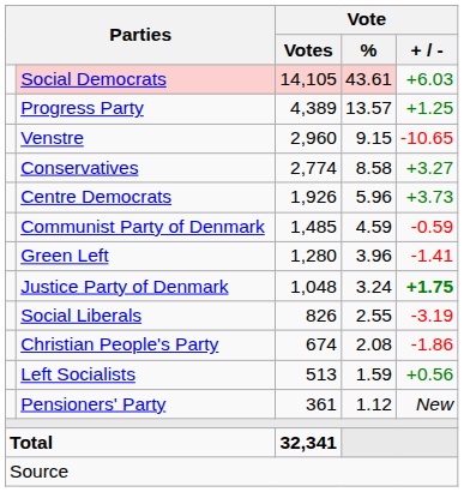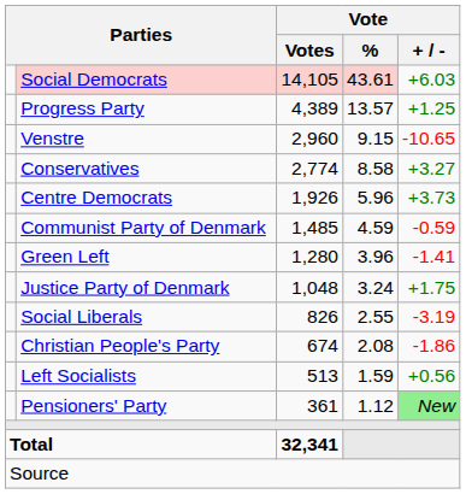 <table class="wikitable" style="text-align:right;">
 <tr>
 <th style="text-align:centre;" rowspan="2" colspan="2" width="225">Parties</th>
 <th colspan="3">Vote</th>
 </tr>
 <tr>
 <th width="15">Votes</th>
 <th width="15">%</th>
 <th width="15">+ / -</th>
 </tr>
 <tr>
 <td width="2" style="color:inherit;background:"></td>
 <td bgcolor=#fbd0ce  align="left"><a href='#'>Social Democrats</a></td>
 <td bgcolor=#fbd0ce>14,105</td>
 <td bgcolor=#fbd0ce>43.61</td>
 <td style=color:green;>+6.03</td>
 </tr>
 <tr>
 <td width="2" style="color:inherit;background:"></td>
 <td align="left"><a href='#'>Progress Party</a></td>
 <td>4,389</td>
 <td>13.57</td>
 <td style=color:green;>+1.25</td>
 </tr>
 <tr>
 <td width="2" style="color:inherit;background:"></td>
 <td align="left"><a href='#'>Venstre</a></td>
 <td>2,960</td>
 <td>9.15</td>
 <td style=color:red;>-10.65</td>
 </tr>
 <tr>
 <td width="2" style="color:inherit;background:"></td>
 <td align="left"><a href='#'>Conservatives</a></td>
 <td>2,774</td>
 <td>8.58</td>
 <td style=color:green;>+3.27</td>
 </tr>
 <tr>
 <td width="2" style="color:inherit;background:"></td>
 <td align="left"><a href='#'>Centre Democrats</a></td>
 <td>1,926</td>
 <td>5.96</td>
 <td style=color:green;>+3.73</td>
 </tr>
 <tr>
 <td width="2" style="color:inherit;background:"></td>
 <td align="left"><a href='#'>Communist Party of Denmark</a></td>
 <td>1,485</td>
 <td>4.59</td>
 <td style=color:red;>-0.59</td>
 </tr>
 <tr>
 <td width="2" style="color:inherit;background:"></td>
 <td align="left"><a href='#'>Green Left</a></td>
 <td>1,280</td>
 <td>3.96</td>
 <td style=color:red;>-1.41</td>
 </tr>
 <tr>
 <td width="2" style="color:inherit;background:"></td>
 <td align="left"><a href='#'>Justice Party of Denmark</a></td>
 <td>1,048</td>
 <td>3.24</td>
-<td style=color:green;><strong>+1.75</strong></td>
+<td style=color:green;>+1.75</td>
 </tr>
 <tr>
 <td width="2" style="color:inherit;background:"></td>
 <td align="left"><a href='#'>Social Liberals</a></td>
 <td>826</td>
 <td>2.55</td>
 <td style=color:red;>-3.19</td>
 </tr>
 <tr>
 <td width="2" style="color:inherit;background:"></td>
 <td align="left"><a href='#'>Christian People's Party</a></td>
 <td>674</td>
 <td>2.08</td>
 <td style=color:red;>-1.86</td>
 </tr>
 <tr>
 <td width="2" style="color:inherit;background:"></td>
 <td align="left"><a href='#'>Left Socialists</a></td>
 <td>513</td>
 <td>1.59</td>
 <td style=color:green;>+0.56</td>
 </tr>
 <tr>
 <td width="2" style="color:inherit;background:"></td>
 <td align="left"><a href='#'>Pensioners' Party</a></td>
 <td>361</td>
 <td>1.12</td>
-<td><em>New</em></td>
+<td style="background: lightgreen;"><em>New</em></td>
 </tr>
 <tr>
 <td colspan="7" bgcolor="#E9E9E9"></td>
 </tr>
 <tr>
 <td align="left" colspan="2"><strong>Total</strong></td>
 <td><strong>32,341</strong></td>
 <td bgcolor="#E9E9E9" colspan="2"></td>
 </tr>
 <tr>
 <td align="left" colspan="6">Source</td>
 </tr>
 </table>
